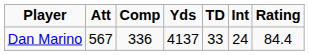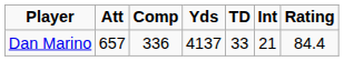 <table class="wikitable" style="text-align:center">
 <tr style="font-weight:bold; ">
 <td>Player</td>
 <td>Att</td>
 <td>Comp</td>
 <td>Yds</td>
 <td>TD</td>
 <td>Int</td>
 <td>Rating</td>
 </tr>
 <tr>
 <td><a href='#'>Dan Marino</a></td>
-<td>567</td>
+<td>657</td>
 <td>336</td>
 <td>4137</td>
 <td>33</td>
-<td>24</td>
+<td>21</td>
 <td>84.4</td>
 </tr>
 </table>
